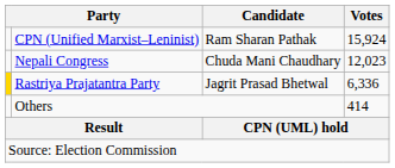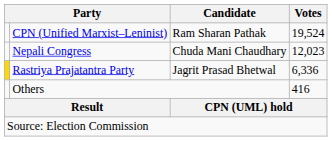 <table class="wikitable">
 <tr>
 <th colspan="2">Party</th>
 <th>Candidate</th>
 <th>Votes</th>
 </tr>
 <tr>
 <td style="background-color:"></td>
 <td><a href='#'>CPN (Unified Marxist–Leninist)</a></td>
 <td>Ram Sharan Pathak</td>
-<td>15,924</td>
+<td>19,524</td>
 </tr>
 <tr>
 <td style="background-color:"></td>
 <td><a href='#'>Nepali Congress</a></td>
 <td>Chuda Mani Chaudhary</td>
 <td>12,023</td>
 </tr>
 <tr>
 <td style="background-color:gold"></td>
 <td><a href='#'>Rastriya Prajatantra Party</a></td>
 <td>Jagrit Prasad Bhetwal</td>
 <td>6,336</td>
 </tr>
 <tr>
 <td></td>
 <td colspan="2">Others</td>
-<td>414</td>
+<td>416</td>
 </tr>
 <tr>
 <th colspan="2">Result</th>
 <th colspan="2">CPN (UML) hold</th>
 </tr>
 <tr>
 <td colspan="4">Source: Election Commission</td>
 </tr>
 </table>
